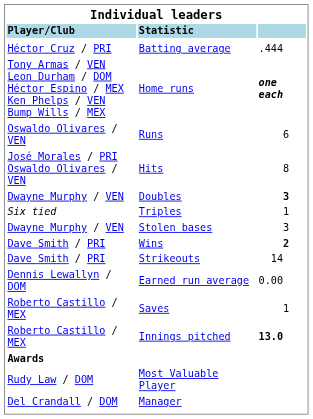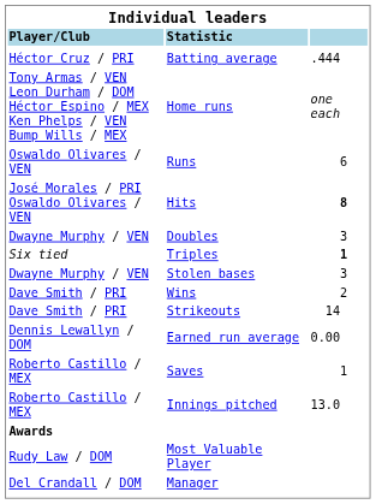 <table cellpadding="1" width="350px" style="font-size: 90%; border: 1px solid gray;">
 <tr align="center" style="font-size: larger;">
 <td colspan=6><strong>Individual leaders</strong></td>
 </tr>
 <tr style="background:lightblue;">
 <td><strong>Player/Club</strong></td>
 <td><strong>Statistic</strong></td>
 <td></td>
 </tr>
 <tr align="center" style="vertical-align: middle;" style="background:lightblue;">
 </tr>
 <tr>
 <td><a href='#'>Héctor Cruz</a> / <a href='#'>PRI</a></td>
 <td><a href='#'>Batting average</a></td>
 <td>.444</td>
 </tr>
 <tr>
 <td><a href='#'>Tony Armas</a> / <a href='#'>VEN</a> <br> <a href='#'>Leon Durham</a> / <a href='#'>DOM</a> <br> <a href='#'>Héctor Espino</a> / <a href='#'>MEX</a> <br> <a href='#'>Ken Phelps</a> / <a href='#'>VEN</a> <br> <a href='#'>Bump Wills</a> / <a href='#'>MEX</a></td>
 <td><a href='#'>Home runs</a></td>
-<td><strong><em>one each</em></strong></td>
+<td><em>one each</em></td>
 </tr>
 <tr>
 <td><a href='#'>Oswaldo Olivares</a> / <a href='#'>VEN</a></td>
 <td><a href='#'>Runs</a></td>
 <td>     6</td>
 </tr>
 <tr>
 <td><a href='#'>José Morales</a> / <a href='#'>PRI</a>  <br> <a href='#'>Oswaldo Olivares</a> / <a href='#'>VEN</a></td>
 <td><a href='#'>Hits</a></td>
-<td>    8</td>
+<td><strong>    8</strong></td>
 </tr>
 <tr>
 <td><a href='#'>Dwayne Murphy</a> / <a href='#'>VEN</a></td>
 <td><a href='#'>Doubles</a></td>
-<td><strong>     3</strong></td>
+<td>     3</td>
 </tr>
 <tr>
 <td><em>Six tied</em></td>
 <td><a href='#'>Triples</a></td>
-<td>    1</td>
+<td><strong>    1</strong></td>
 </tr>
 <tr>
 <td><a href='#'>Dwayne Murphy</a> / <a href='#'>VEN</a></td>
 <td><a href='#'>Stolen bases</a></td>
 <td>     3</td>
 </tr>
 <tr>
 <td><a href='#'>Dave Smith</a> / <a href='#'>PRI</a></td>
 <td><a href='#'>Wins</a></td>
-<td><strong>     2</strong></td>
+<td>     2</td>
 </tr>
 <tr>
 <td><a href='#'>Dave Smith</a> / <a href='#'>PRI</a></td>
 <td><a href='#'>Strikeouts</a></td>
 <td>  14</td>
 </tr>
 <tr>
 <td><a href='#'>Dennis Lewallyn</a> / <a href='#'>DOM</a></td>
 <td><a href='#'>Earned run average</a></td>
 <td>0.00</td>
 </tr>
 <tr>
 <td><a href='#'>Roberto Castillo</a> / <a href='#'>MEX</a></td>
 <td><a href='#'>Saves</a></td>
 <td>     1</td>
 </tr>
 <tr>
 <td><a href='#'>Roberto Castillo</a> / <a href='#'>MEX</a></td>
 <td><a href='#'>Innings pitched</a></td>
-<td><strong>13.0</strong></td>
+<td>13.0</td>
 </tr>
 <tr>
 <td><strong>Awards</strong></td>
 </tr>
 <tr>
 <td><a href='#'>Rudy Law</a> / <a href='#'>DOM</a></td>
 <td><a href='#'>Most Valuable Player</a></td>
 </tr>
 <tr>
 <td><a href='#'>Del Crandall</a> / <a href='#'>DOM</a></td>
 <td><a href='#'>Manager</a></td>
 </tr>
 <tr>
 </tr>
 <tr>
 </tr>
 </table>
